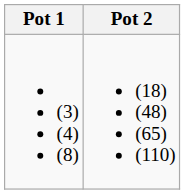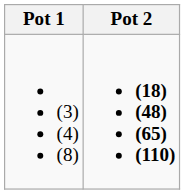 <table class="wikitable">
 <tr>
 <th>Pot 1</th>
 <th>Pot 2</th>
 </tr>
 <tr>
 <td><br><ul><li></li><li> (3)</li><li> (4)</li><li> (8)</li></ul></td>
-<td><br><ul><li> (18)</li><li> (48)</li><li> (65)</li><li> (110)</li></ul></td>
+<td><strong><br><ul><li> (18)</li><li> (48)</li><li> (65)</li><li> (110)</li></ul></strong></td>
 </tr>
 </table>
